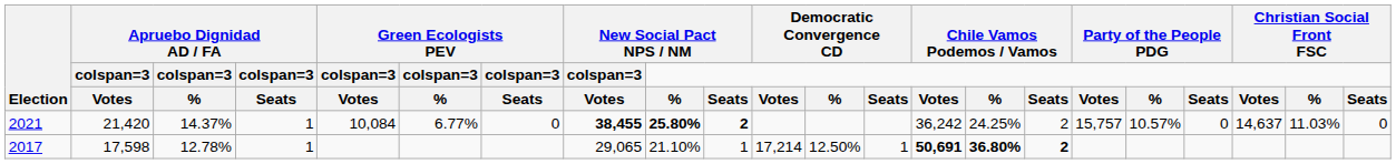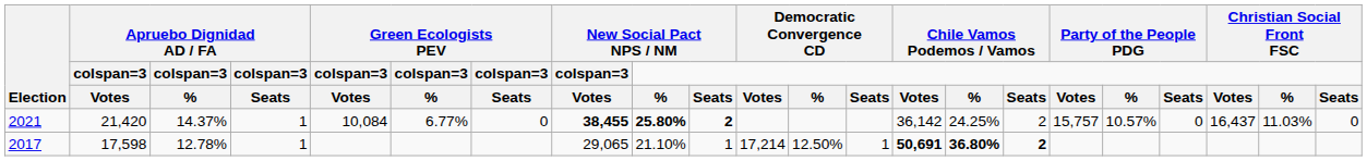 <table class="wikitable" border="1" style="font-size:95%; text-align:right;">
 <tr>
 <th style="text-align:left;" valign=bottom rowspan=3>Election</th>
 <th valign=bottom colspan=3><a href='#'>Apruebo Dignidad</a><br>AD / FA</th>
 <th valign=bottom colspan=3><a href='#'>Green Ecologists</a><br>PEV</th>
 <th valign=bottom colspan=3><a href='#'>New Social Pact</a><br>NPS / NM</th>
 <th valign=bottom colspan=3>Democratic<br>Convergence<br>CD</th>
 <th valign=bottom colspan=3><a href='#'>Chile Vamos</a><br>Podemos / Vamos</th>
 <th valign=bottom colspan=3><a href='#'>Party of the People</a><br>PDG</th>
 <th valign=bottom colspan=3><a href='#'>Christian Social Front</a><br>FSC</th>
 </tr>
 <tr>
 <th>colspan=3 </th>
 <th>colspan=3 </th>
 <th>colspan=3 </th>
 <th>colspan=3 </th>
 <th>colspan=3 </th>
 <th>colspan=3 </th>
 <th>colspan=3 </th>
 </tr>
 <tr>
 <th>Votes</th>
 <th>%</th>
 <th>Seats</th>
 <th>Votes</th>
 <th>%</th>
 <th>Seats</th>
 <th>Votes</th>
 <th>%</th>
 <th>Seats</th>
 <th>Votes</th>
 <th>%</th>
 <th>Seats</th>
 <th>Votes</th>
 <th>%</th>
 <th>Seats</th>
 <th>Votes</th>
 <th>%</th>
 <th>Seats</th>
 <th>Votes</th>
 <th>%</th>
 <th>Seats</th>
 </tr>
 <tr>
 <td align=left><a href='#'>2021</a></td>
 <td>21,420</td>
 <td>14.37%</td>
 <td>1</td>
 <td>10,084</td>
 <td>6.77%</td>
 <td>0</td>
 <td><strong>38,455</strong></td>
 <td><strong>25.80%</strong></td>
 <td><strong>2</strong></td>
 <td></td>
 <td></td>
 <td></td>
-<td>36,242</td>
+<td>36,142</td>
 <td>24.25%</td>
 <td>2</td>
 <td>15,757</td>
 <td>10.57%</td>
 <td>0</td>
-<td>14,637</td>
+<td>16,437</td>
 <td>11.03%</td>
 <td>0</td>
 </tr>
 <tr>
 <td align=left><a href='#'>2017</a></td>
 <td>17,598</td>
 <td>12.78%</td>
 <td>1</td>
 <td></td>
 <td></td>
 <td></td>
 <td>29,065</td>
 <td>21.10%</td>
 <td>1</td>
 <td>17,214</td>
 <td>12.50%</td>
 <td>1</td>
 <td><strong>50,691</strong></td>
 <td><strong>36.80%</strong></td>
 <td><strong>2</strong></td>
 <td></td>
 <td></td>
 <td></td>
 <td></td>
 <td></td>
 <td></td>
 </tr>
 </table>
